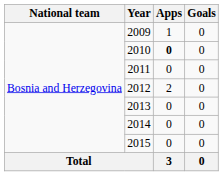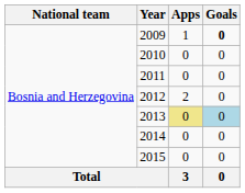 <table class="wikitable" style="text-align:center">
 <tr>
 <th>National team</th>
 <th>Year</th>
 <th>Apps</th>
 <th>Goals</th>
 </tr>
 <tr>
 <td rowspan="7"><a href='#'>Bosnia and Herzegovina</a></td>
 <td>2009</td>
 <td>1</td>
-<td>0</td>
+<td><strong>0</strong></td>
 </tr>
 <tr>
 <td>2010</td>
-<td><strong>0</strong></td>
+<td>0</td>
 <td>0</td>
 </tr>
 <tr>
 <td>2011</td>
 <td>0</td>
 <td>0</td>
 </tr>
 <tr>
 <td>2012</td>
 <td>2</td>
 <td>0</td>
 </tr>
 <tr>
 <td>2013</td>
-<td>0</td>
-<td>0</td>
+<td style="background: khaki;">0</td>
+<td style="background: lightblue;">0</td>
 </tr>
 <tr>
 <td>2014</td>
 <td>0</td>
 <td>0</td>
 </tr>
 <tr>
 <td>2015</td>
 <td>0</td>
 <td>0</td>
 </tr>
 <tr>
 <th colspan="2">Total</th>
 <th>3</th>
 <th>0</th>
 </tr>
 </table>
